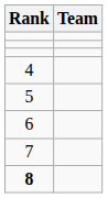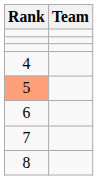 <table class="wikitable" style="text-align: center;">
 <tr>
 <th>Rank</th>
 <th>Team</th>
 </tr>
 <tr>
 <td></td>
 <td align="left"></td>
 </tr>
 <tr>
 <td></td>
 <td align="left"></td>
 </tr>
 <tr>
 <td></td>
 <td align="left"></td>
 </tr>
 <tr>
 <td>4</td>
 <td align="left"></td>
 </tr>
 <tr>
-<td>5</td>
+<td style="background: lightsalmon;">5</td>
 <td align="left"></td>
 </tr>
 <tr>
 <td>6</td>
 <td align="left"></td>
 </tr>
 <tr>
 <td>7</td>
 <td align="left"></td>
 </tr>
 <tr>
-<td><strong>8</strong></td>
+<td>8</td>
 <td align="left"></td>
 </tr>
 </table>
